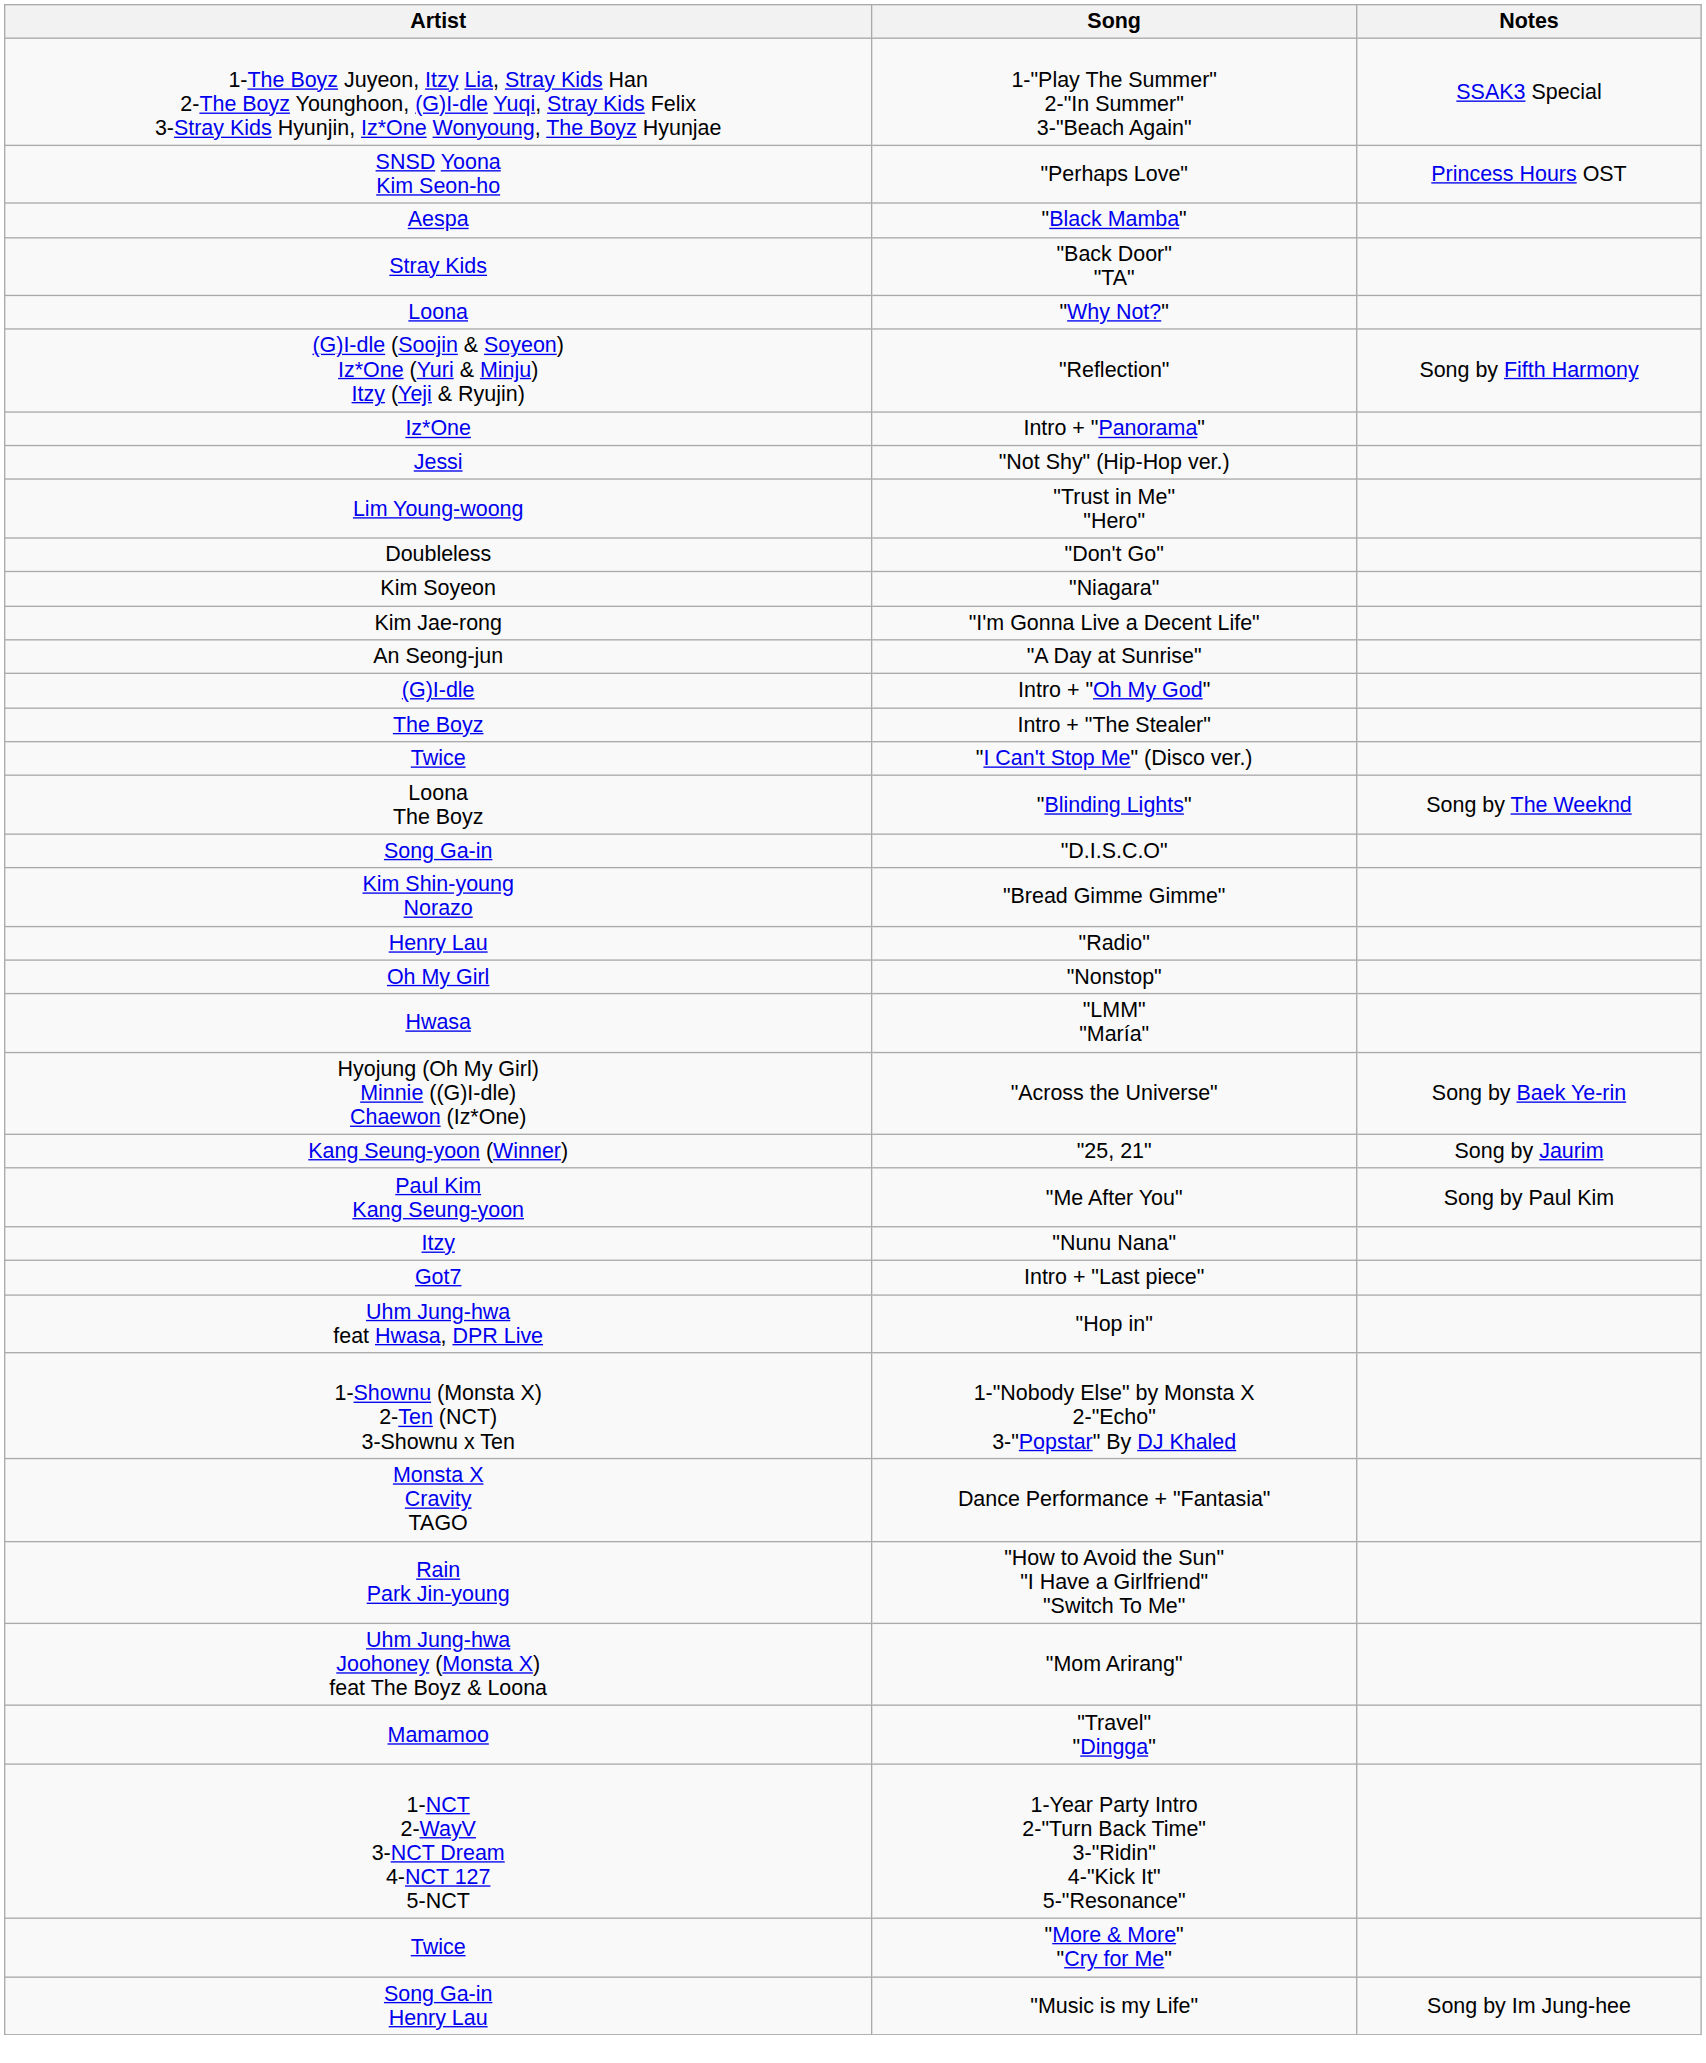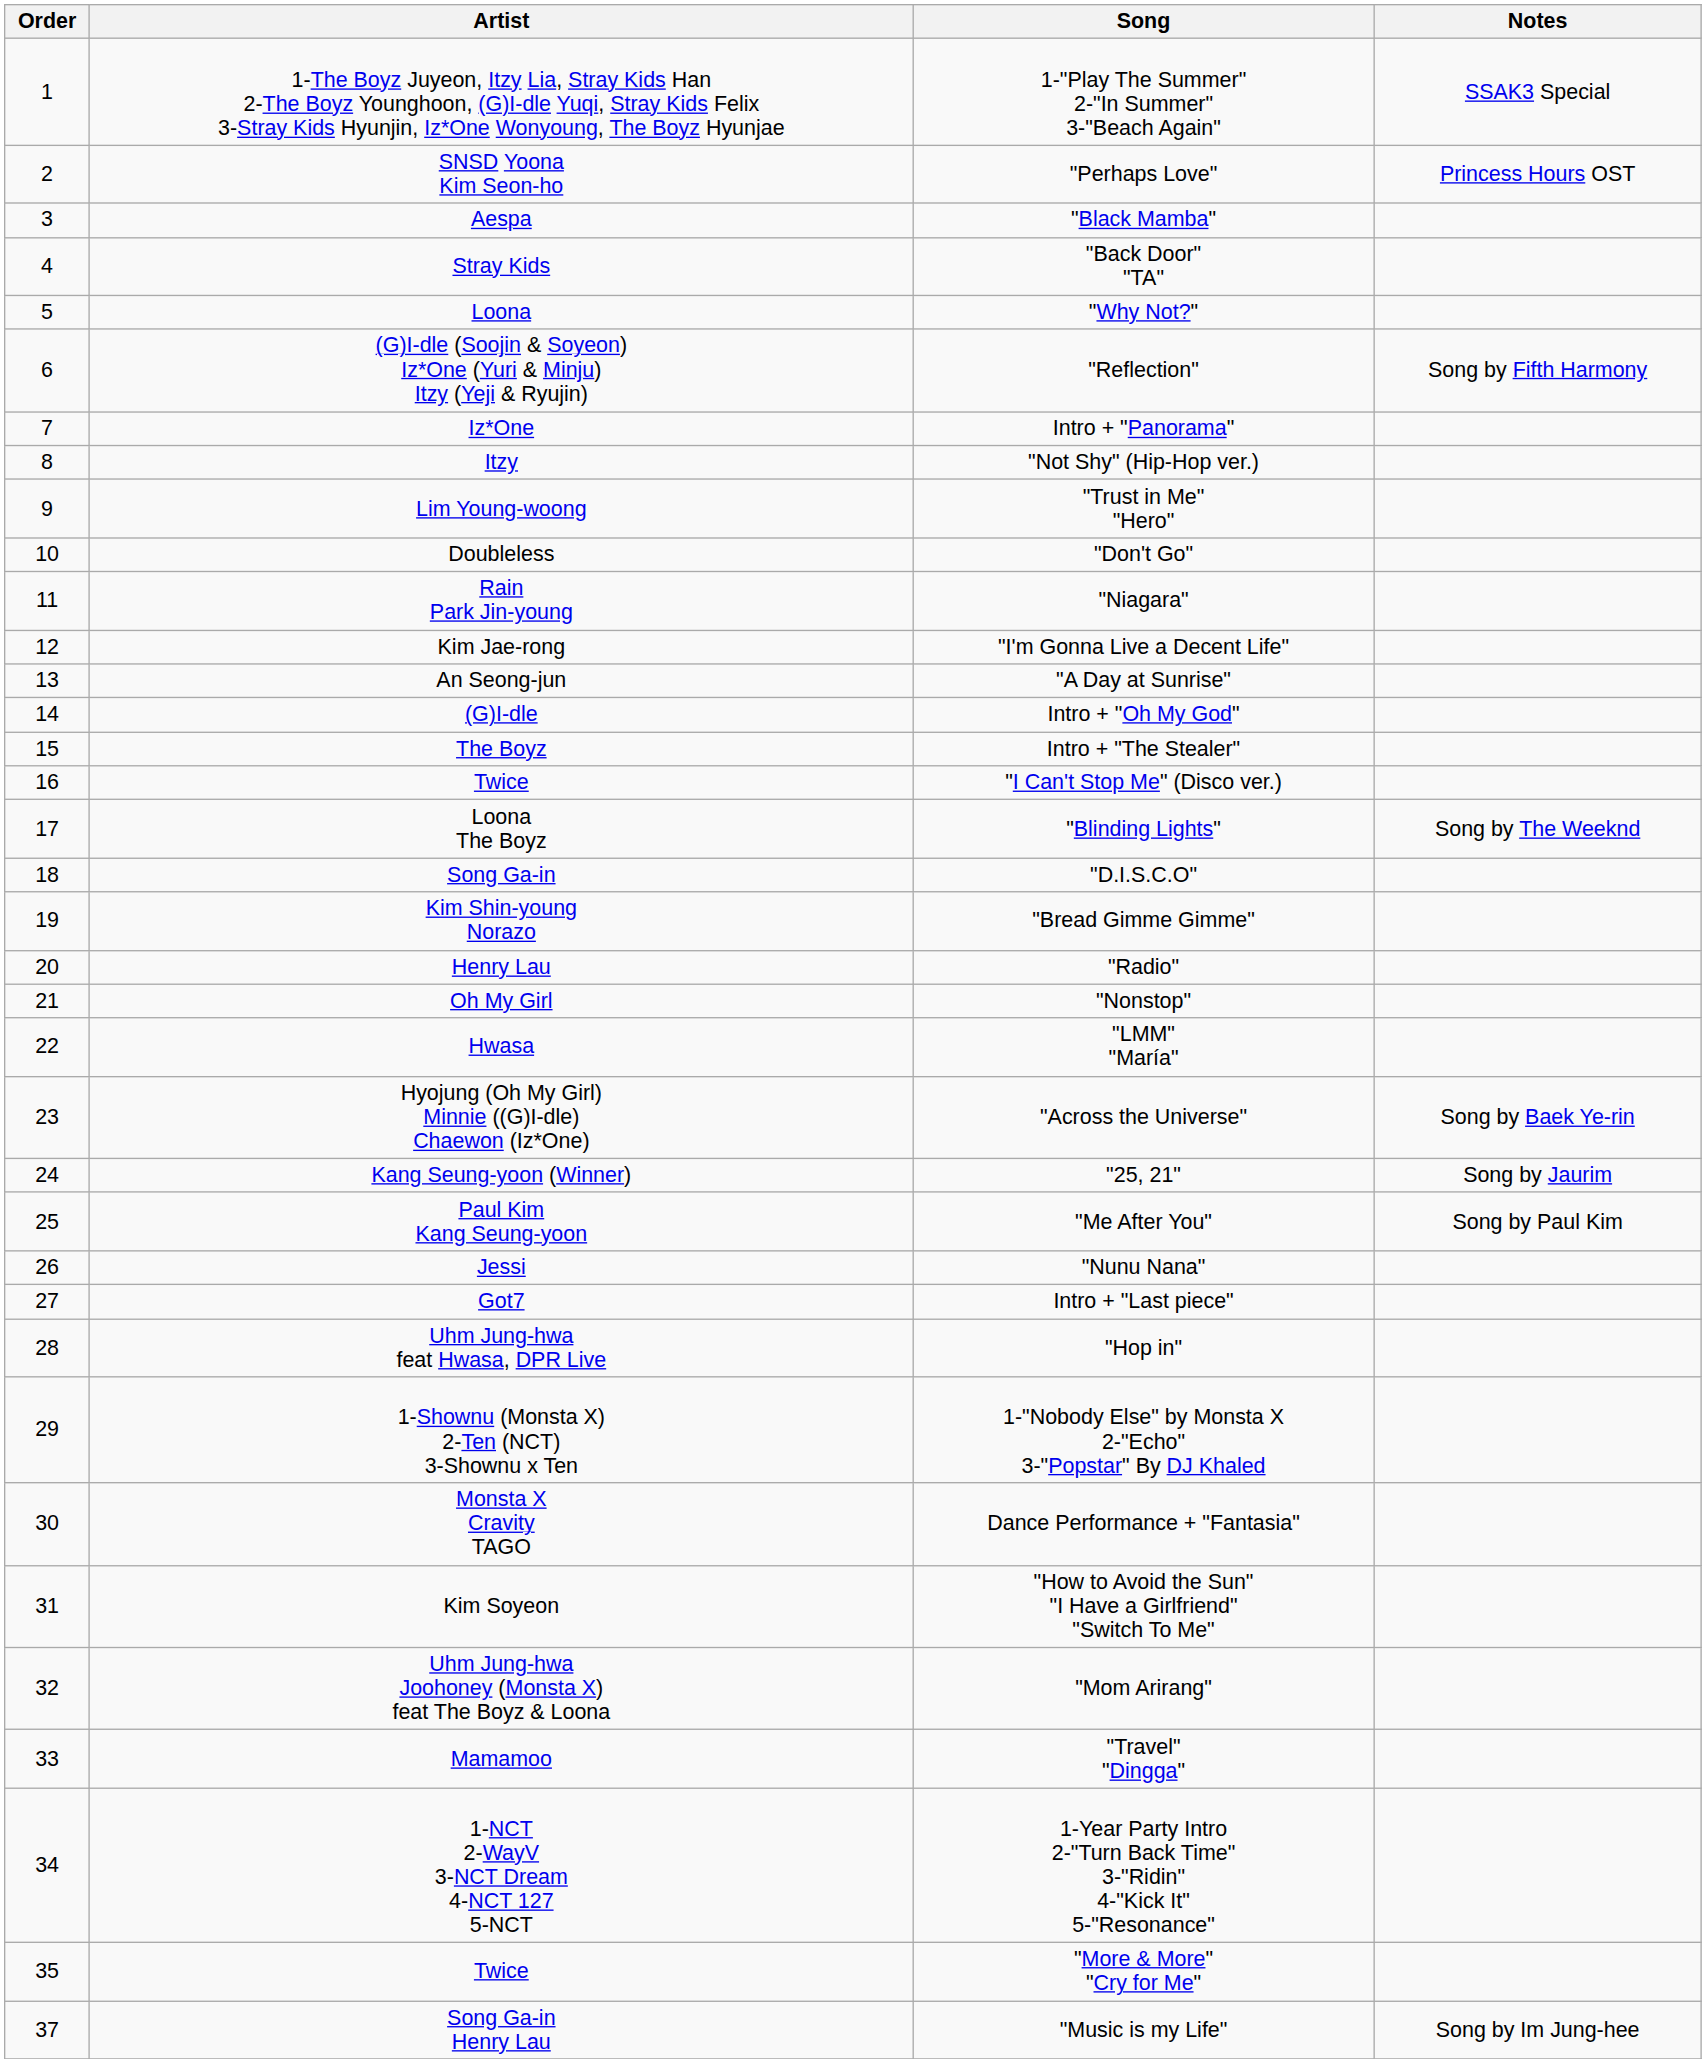 <table class="wikitable" style="text-align:center; width:80%;">
 <tr>
+<th width="5%">Order</th>
 <th>Artist</th>
 <th>Song</th>
 <th>Notes</th>
 </tr>
 <tr>
+<td>1</td>
 <td><br>1-<a href='#'>The Boyz</a> Juyeon, <a href='#'>Itzy</a> <a href='#'>Lia</a>, <a href='#'>Stray Kids</a> Han <br> 2-<a href='#'>The Boyz</a> Younghoon, <a href='#'>(G)I-dle</a> <a href='#'>Yuqi</a>, <a href='#'>Stray Kids</a> Felix <br> 3-<a href='#'>Stray Kids</a> Hyunjin, <a href='#'>Iz*One</a>  <a href='#'>Wonyoung</a>, <a href='#'>The Boyz</a> Hyunjae</td>
 <td><br>1-"Play The Summer" <br> 2-"In Summer"<br> 3-"Beach Again"</td>
 <td><a href='#'>SSAK3</a> Special</td>
 </tr>
 <tr>
+<td>2</td>
 <td><a href='#'>SNSD</a> <a href='#'>Yoona</a> <br> <a href='#'>Kim Seon-ho</a></td>
 <td>"Perhaps Love"</td>
 <td><a href='#'>Princess Hours</a> OST</td>
 </tr>
 <tr>
+<td>3</td>
 <td><a href='#'>Aespa</a></td>
 <td>"<a href='#'>Black Mamba</a>"</td>
 <td></td>
 </tr>
 <tr>
+<td>4</td>
 <td><a href='#'>Stray Kids</a></td>
 <td>"Back Door" <br> "TA"</td>
 <td></td>
 </tr>
 <tr>
+<td>5</td>
 <td><a href='#'>Loona</a></td>
 <td>"<a href='#'>Why Not?</a>"</td>
 <td></td>
 </tr>
 <tr>
+<td>6</td>
 <td><a href='#'>(G)I-dle</a> (<a href='#'>Soojin</a> & <a href='#'>Soyeon</a>) <br> <a href='#'>Iz*One</a> (<a href='#'>Yuri</a> & <a href='#'>Minju</a>) <br> <a href='#'>Itzy</a> (<a href='#'>Yeji</a> & Ryujin)</td>
 <td>"Reflection"</td>
 <td>Song by <a href='#'>Fifth Harmony</a></td>
 </tr>
 <tr>
+<td>7</td>
 <td><a href='#'>Iz*One</a></td>
 <td>Intro + "<a href='#'>Panorama</a>"</td>
 <td></td>
 </tr>
 <tr>
-<td><a href='#'>Jessi</a></td>
+<td>8</td>
+<td><a href='#'>Itzy</a></td>
 <td>"Not Shy" (Hip-Hop ver.)</td>
 <td></td>
 </tr>
 <tr>
+<td>9</td>
 <td><a href='#'>Lim Young-woong</a></td>
 <td>"Trust in Me" <br> "Hero"</td>
 <td></td>
 </tr>
 <tr>
+<td>10</td>
 <td>Doubleless</td>
 <td>"Don't Go"</td>
 <td></td>
 </tr>
 <tr>
-<td>Kim Soyeon</td>
+<td>11</td>
+<td><a href='#'>Rain</a> <br> <a href='#'>Park Jin-young</a></td>
 <td>"Niagara"</td>
 <td></td>
 </tr>
 <tr>
+<td>12</td>
 <td>Kim Jae-rong</td>
 <td>"I'm Gonna Live a Decent Life"</td>
 <td></td>
 </tr>
 <tr>
+<td>13</td>
 <td>An Seong-jun</td>
 <td>"A Day at Sunrise"</td>
 <td></td>
 </tr>
 <tr>
+<td>14</td>
 <td><a href='#'>(G)I-dle</a></td>
 <td>Intro + "<a href='#'>Oh My God</a>"</td>
 <td></td>
 </tr>
 <tr>
+<td>15</td>
 <td><a href='#'>The Boyz</a></td>
 <td>Intro + "The Stealer"</td>
 <td></td>
 </tr>
 <tr>
+<td>16</td>
 <td><a href='#'>Twice</a></td>
 <td>"<a href='#'>I Can't Stop Me</a>" (Disco ver.)</td>
 <td></td>
 </tr>
 <tr>
+<td>17</td>
 <td>Loona <br> The Boyz</td>
 <td>"<a href='#'>Blinding Lights</a>"</td>
 <td>Song by <a href='#'>The Weeknd</a></td>
 </tr>
 <tr>
+<td>18</td>
 <td><a href='#'>Song Ga-in</a></td>
 <td>"D.I.S.C.O"</td>
 <td></td>
 </tr>
 <tr>
+<td>19</td>
 <td><a href='#'>Kim Shin-young</a> <br> <a href='#'>Norazo</a></td>
 <td>"Bread Gimme Gimme"</td>
 <td></td>
 </tr>
 <tr>
+<td>20</td>
 <td><a href='#'>Henry Lau</a></td>
 <td>"Radio"</td>
 <td></td>
 </tr>
 <tr>
+<td>21</td>
 <td><a href='#'>Oh My Girl</a></td>
 <td>"Nonstop"</td>
 <td></td>
 </tr>
 <tr>
+<td>22</td>
 <td><a href='#'>Hwasa</a></td>
 <td>"LMM" <br> "María"</td>
 <td></td>
 </tr>
 <tr>
+<td>23</td>
 <td>Hyojung (Oh My Girl) <br> <a href='#'>Minnie</a> ((G)I-dle)<br> <a href='#'>Chaewon</a> (Iz*One)</td>
 <td>"Across the Universe"</td>
 <td>Song by <a href='#'>Baek Ye-rin</a></td>
 </tr>
 <tr>
+<td>24</td>
 <td><a href='#'>Kang Seung-yoon</a> (<a href='#'>Winner</a>)</td>
 <td>"25, 21"</td>
 <td>Song by <a href='#'>Jaurim</a></td>
 </tr>
 <tr>
+<td>25</td>
 <td><a href='#'>Paul Kim</a> <br> <a href='#'>Kang Seung-yoon</a></td>
 <td>"Me After You"</td>
 <td>Song by Paul Kim</td>
 </tr>
 <tr>
-<td><a href='#'>Itzy</a></td>
+<td>26</td>
+<td><a href='#'>Jessi</a></td>
 <td>"Nunu Nana"</td>
 <td></td>
 </tr>
 <tr>
+<td>27</td>
 <td><a href='#'>Got7</a></td>
 <td>Intro + "Last piece"</td>
 <td></td>
 </tr>
 <tr>
+<td>28</td>
 <td><a href='#'>Uhm Jung-hwa</a> <br> feat <a href='#'>Hwasa</a>, <a href='#'>DPR Live</a></td>
 <td>"Hop in"</td>
 <td></td>
 </tr>
 <tr>
+<td>29</td>
 <td><br>1-<a href='#'>Shownu</a> (Monsta X)<br> 2-<a href='#'>Ten</a> (NCT)<br> 3-Shownu x Ten</td>
 <td><br>1-"Nobody Else" by Monsta X <br> 2-"Echo" <br> 3-"<a href='#'>Popstar</a>" By <a href='#'>DJ Khaled</a></td>
 <td></td>
 </tr>
 <tr>
+<td>30</td>
 <td><a href='#'>Monsta X</a> <br> <a href='#'>Cravity</a> <br> TAGO</td>
 <td>Dance Performance + "Fantasia"</td>
 <td></td>
 </tr>
 <tr>
-<td><a href='#'>Rain</a> <br> <a href='#'>Park Jin-young</a></td>
+<td>31</td>
+<td>Kim Soyeon</td>
 <td>"How to Avoid the Sun" <br>  "I Have a Girlfriend" <br> "Switch To Me"</td>
 <td></td>
 </tr>
 <tr>
+<td>32</td>
 <td><a href='#'>Uhm Jung-hwa</a> <br> <a href='#'>Joohoney</a> (<a href='#'>Monsta X</a>) <br> feat The Boyz & Loona</td>
 <td>"Mom Arirang"</td>
 <td></td>
 </tr>
 <tr>
+<td>33</td>
 <td><a href='#'>Mamamoo</a></td>
 <td>"Travel" <br> "<a href='#'>Dingga</a>"</td>
 <td></td>
 </tr>
 <tr>
+<td>34</td>
 <td><br>1-<a href='#'>NCT</a> <br> 2-<a href='#'>WayV</a> <br> 3-<a href='#'>NCT Dream</a> <br> 4-<a href='#'>NCT 127</a> <br> 5-NCT</td>
 <td><br>1-Year Party Intro <br> 2-"Turn Back Time" <br> 3-"Ridin"  <br> 4-"Kick It" <br> 5-"Resonance"</td>
 <td></td>
 </tr>
 <tr>
+<td>35</td>
 <td><a href='#'>Twice</a></td>
 <td>"<a href='#'>More & More</a>" <br> "<a href='#'>Cry for Me</a>"</td>
 <td></td>
 </tr>
 <tr>
+<td>37</td>
 <td><a href='#'>Song Ga-in</a> <br> <a href='#'>Henry Lau</a></td>
 <td>"Music is my Life"</td>
 <td>Song by Im Jung-hee</td>
 </tr>
 </table>
